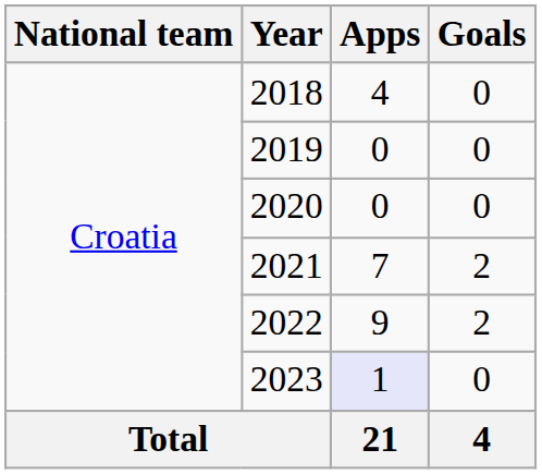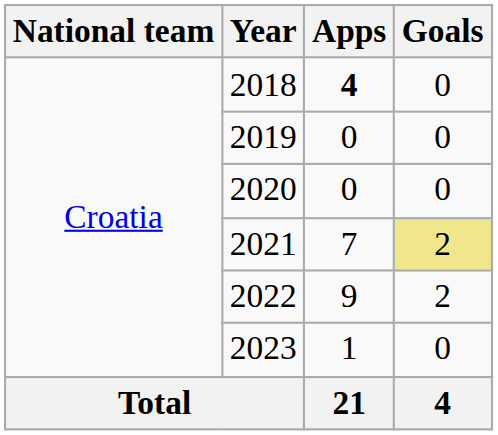 <table class="wikitable" style="text-align:center">
 <tr>
 <th>National team</th>
 <th>Year</th>
 <th>Apps</th>
 <th>Goals</th>
 </tr>
 <tr>
 <td rowspan="6"><a href='#'>Croatia</a></td>
 <td>2018</td>
-<td>4</td>
+<td><strong>4</strong></td>
 <td>0</td>
 </tr>
 <tr>
 <td>2019</td>
 <td>0</td>
 <td>0</td>
 </tr>
 <tr>
 <td>2020</td>
 <td>0</td>
 <td>0</td>
 </tr>
 <tr>
 <td>2021</td>
 <td>7</td>
-<td>2</td>
+<td style="background: khaki;">2</td>
 </tr>
 <tr>
 <td>2022</td>
 <td>9</td>
 <td>2</td>
 </tr>
 <tr>
 <td>2023</td>
-<td style="background: lavender;">1</td>
+<td>1</td>
 <td>0</td>
 </tr>
 <tr>
 <th colspan="2">Total</th>
 <th>21</th>
 <th>4</th>
 </tr>
 </table>
